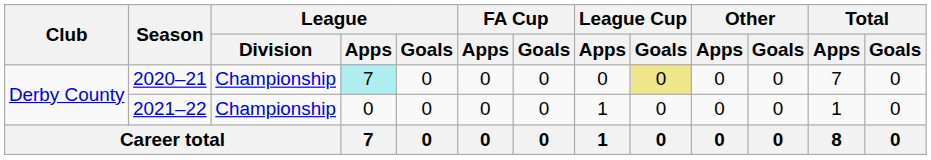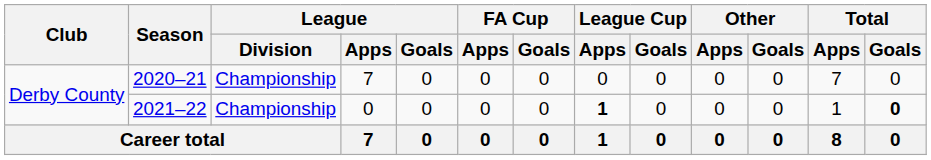 <table class="wikitable" style="text-align:center">
 <tr>
 <th rowspan="2">Club</th>
 <th rowspan="2">Season</th>
 <th colspan="3">League</th>
 <th colspan="2">FA Cup</th>
 <th colspan="2">League Cup</th>
 <th colspan="2">Other</th>
 <th colspan="2">Total</th>
 </tr>
 <tr>
 <th>Division</th>
 <th>Apps</th>
 <th>Goals</th>
 <th>Apps</th>
 <th>Goals</th>
 <th>Apps</th>
 <th>Goals</th>
 <th>Apps</th>
 <th>Goals</th>
 <th>Apps</th>
 <th>Goals</th>
 </tr>
 <tr>
 <td rowspan="2"><a href='#'>Derby County</a></td>
 <td><a href='#'>2020–21</a></td>
 <td><a href='#'>Championship</a></td>
-<td style="background: paleturquoise;">7</td>
+<td>7</td>
 <td>0</td>
 <td>0</td>
 <td>0</td>
 <td>0</td>
-<td style="background: khaki;">0</td>
+<td>0</td>
 <td>0</td>
 <td>0</td>
 <td>7</td>
 <td>0</td>
 </tr>
 <tr>
 <td><a href='#'>2021–22</a></td>
 <td><a href='#'>Championship</a></td>
 <td>0</td>
 <td>0</td>
 <td>0</td>
 <td>0</td>
-<td>1</td>
+<td><strong>1</strong></td>
 <td>0</td>
 <td>0</td>
 <td>0</td>
 <td>1</td>
-<td>0</td>
+<td><strong>0</strong></td>
 </tr>
 <tr>
 <th colspan="3">Career total</th>
 <th>7</th>
 <th>0</th>
 <th>0</th>
 <th>0</th>
 <th>1</th>
 <th>0</th>
 <th>0</th>
 <th>0</th>
 <th>8</th>
 <th>0</th>
 </tr>
 </table>
